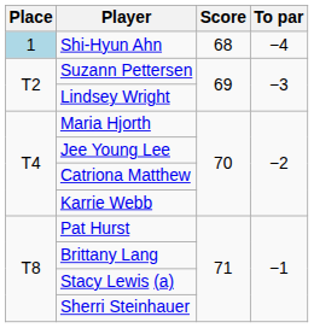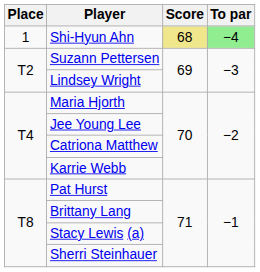 <table class="wikitable">
 <tr>
 <th>Place</th>
 <th>Player</th>
 <th>Score</th>
 <th>To par</th>
 </tr>
 <tr>
-<td align=center style="background: lightblue;">1</td>
+<td align=center>1</td>
 <td> <a href='#'>Shi-Hyun Ahn</a></td>
-<td align=center>68</td>
-<td align=center>−4</td>
+<td align=center style="background: khaki;">68</td>
+<td align=center style="background: lightgreen;">−4</td>
 </tr>
 <tr>
 <td rowspan=2 align=center>T2</td>
 <td> <a href='#'>Suzann Pettersen</a></td>
 <td rowspan=2 align=center>69</td>
 <td rowspan=2 align=center>−3</td>
 </tr>
 <tr>
 <td> <a href='#'>Lindsey Wright</a></td>
 </tr>
 <tr>
 <td rowspan=4 align=center>T4</td>
 <td> <a href='#'>Maria Hjorth</a></td>
 <td rowspan=4 align=center>70</td>
 <td rowspan=4 align=center>−2</td>
 </tr>
 <tr>
 <td> <a href='#'>Jee Young Lee</a></td>
 </tr>
 <tr>
 <td> <a href='#'>Catriona Matthew</a></td>
 </tr>
 <tr>
 <td> <a href='#'>Karrie Webb</a></td>
 </tr>
 <tr>
 <td rowspan=4 align=center>T8</td>
 <td> <a href='#'>Pat Hurst</a></td>
 <td rowspan=4 align=center>71</td>
 <td rowspan=4 align=center>−1</td>
 </tr>
 <tr>
 <td> <a href='#'>Brittany Lang</a></td>
 </tr>
 <tr>
 <td> <a href='#'>Stacy Lewis</a> <a href='#'>(a)</a></td>
 </tr>
 <tr>
 <td> <a href='#'>Sherri Steinhauer</a></td>
 </tr>
 </table>
